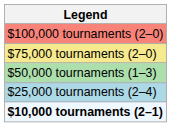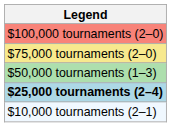 <table class="wikitable" style="font-size:85%;">
 <tr>
 <th>Legend</th>
 </tr>
 <tr style="background:#f88379;">
 <td>$100,000 tournaments (2–0)</td>
 </tr>
 <tr style="background:#f7e98e;">
 <td>$75,000 tournaments (2–0)</td>
 </tr>
 <tr style="background:#addfad;">
 <td>$50,000 tournaments (1–3)</td>
 </tr>
 <tr style="background:lightblue;">
-<td>$25,000 tournaments (2–4)</td>
+<td><strong>$25,000 tournaments (2–4)</strong></td>
 </tr>
 <tr style="background:#f0f8ff;">
-<td><strong>$10,000 tournaments (2–1)</strong></td>
+<td>$10,000 tournaments (2–1)</td>
 </tr>
 </table>
